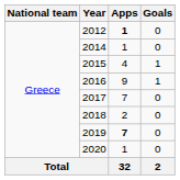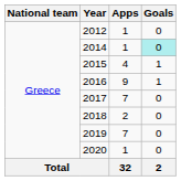 <table class="wikitable" style="text-align:center">
 <tr>
 <th>National team</th>
 <th>Year</th>
 <th>Apps</th>
 <th>Goals</th>
 </tr>
 <tr>
 <td rowspan="8"><a href='#'>Greece</a></td>
 <td>2012</td>
-<td><strong>1</strong></td>
+<td>1</td>
 <td>0</td>
 </tr>
 <tr>
 <td>2014</td>
 <td>1</td>
-<td>0</td>
+<td style="background: paleturquoise;">0</td>
 </tr>
 <tr>
 <td>2015</td>
 <td>4</td>
 <td>1</td>
 </tr>
 <tr>
 <td>2016</td>
 <td>9</td>
 <td>1</td>
 </tr>
 <tr>
 <td>2017</td>
 <td>7</td>
 <td>0</td>
 </tr>
 <tr>
 <td>2018</td>
 <td>2</td>
 <td>0</td>
 </tr>
 <tr>
 <td>2019</td>
-<td><strong>7</strong></td>
+<td>7</td>
 <td>0</td>
 </tr>
 <tr>
 <td>2020</td>
 <td>1</td>
 <td>0</td>
 </tr>
 <tr>
 <th colspan="2">Total</th>
 <th>32</th>
 <th>2</th>
 </tr>
 </table>
